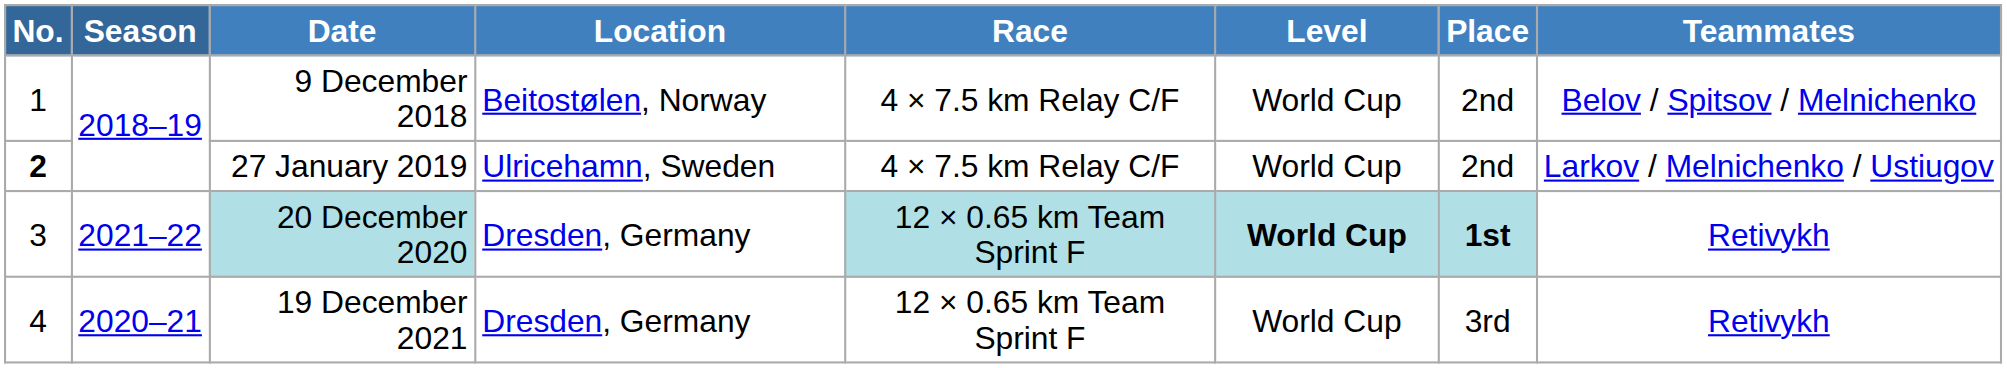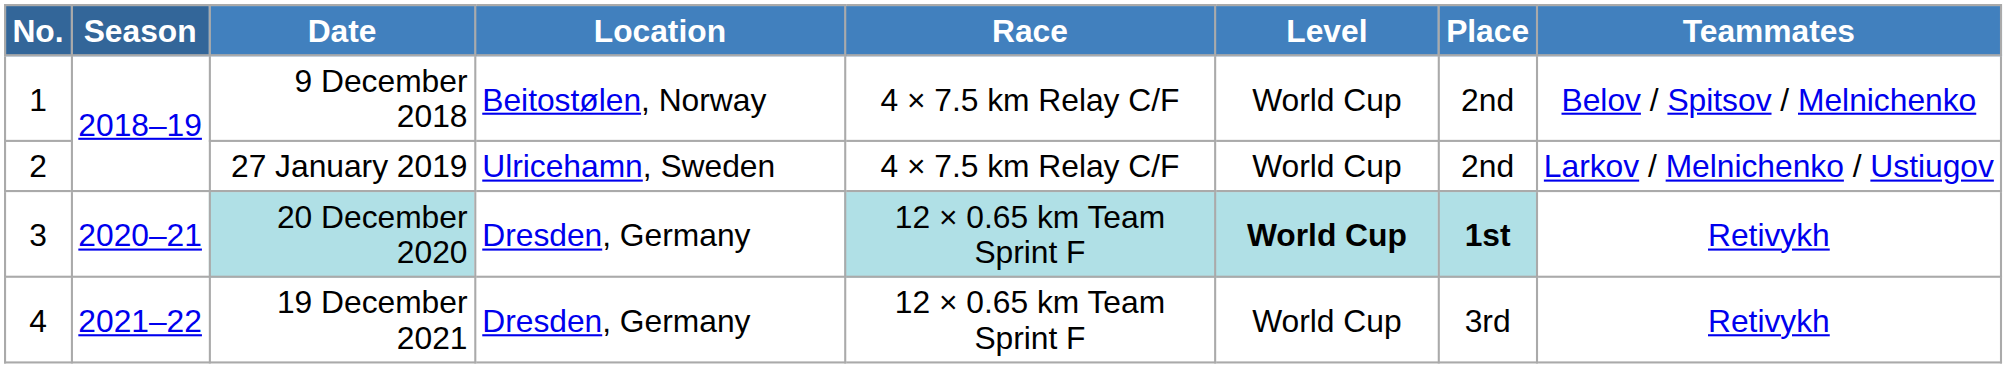 <table class="wikitable sortable" style="font-size:95%; text-align:center; border:grey solid 1px; border-collapse:collapse; background:#ffffff;">
 <tr style="background:#efefef;">
 <th style="background-color:#369; color:white;">No.</th>
 <th style="background-color:#369; color:white;">Season</th>
 <th style="background-color:#4180be; color:white; width:120px;">Date</th>
 <th style="background-color:#4180be; color:white; width:170px;">Location</th>
 <th style="background-color:#4180be; color:white; width:170px;">Race</th>
 <th style="background-color:#4180be; color:white; width:100px;">Level</th>
 <th style="background-color:#4180be; color:white;">Place</th>
 <th style="background-color:#4180be; color:white;">Teammates</th>
 </tr>
 <tr>
 <td align=center>1</td>
 <td rowspan=2 align=center><a href='#'>2018–19</a></td>
 <td align=right>9 December 2018</td>
 <td align=left> <a href='#'>Beitostølen</a>, Norway</td>
 <td>4 × 7.5 km Relay C/F</td>
 <td>World Cup</td>
 <td>2nd</td>
 <td><a href='#'>Belov</a> / <a href='#'>Spitsov</a> / <a href='#'>Melnichenko</a></td>
 </tr>
 <tr>
-<td align=center><strong>2</strong></td>
+<td align=center>2</td>
 <td align=right>27 January 2019</td>
 <td align=left> <a href='#'>Ulricehamn</a>, Sweden</td>
 <td>4 × 7.5 km Relay C/F</td>
 <td>World Cup</td>
 <td>2nd</td>
 <td><a href='#'>Larkov</a> / <a href='#'>Melnichenko</a> / <a href='#'>Ustiugov</a></td>
 </tr>
 <tr>
 <td align=center>3</td>
-<td align=center><a href='#'>2021–22</a></td>
+<td rowspan=1 align=center><a href='#'>2020–21</a></td>
 <td bgcolor="#BOEOE6" align=right>20 December 2020</td>
 <td align=left> <a href='#'>Dresden</a>, Germany</td>
 <td bgcolor="#BOEOE6">12 × 0.65 km Team Sprint F</td>
 <td bgcolor="#BOEOE6"><strong>World Cup</strong></td>
 <td bgcolor="#BOEOE6"><strong>1st</strong></td>
 <td><a href='#'>Retivykh</a></td>
 </tr>
 <tr>
 <td align=center>4</td>
-<td rowspan=1 align=center><a href='#'>2020–21</a></td>
+<td align=center><a href='#'>2021–22</a></td>
 <td align=right>19 December 2021</td>
 <td align=left> <a href='#'>Dresden</a>, Germany</td>
 <td>12 × 0.65 km Team Sprint F</td>
 <td>World Cup</td>
 <td>3rd</td>
 <td><a href='#'>Retivykh</a></td>
 </tr>
 </table>
